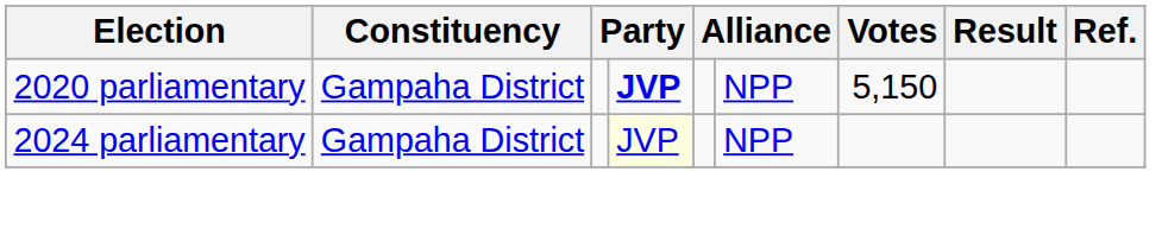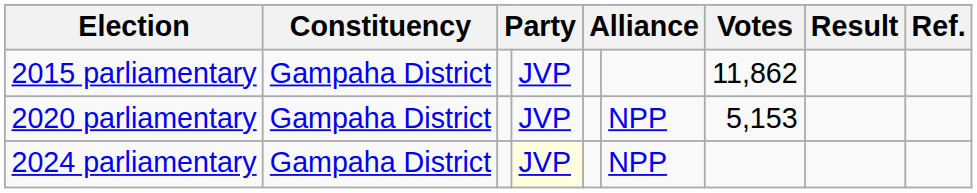 <table class="wikitable" style="text-align:left;">
 <tr>
 <th scope=col>Election</th>
 <th scope=col>Constituency</th>
 <th scope=col colspan="2">Party</th>
 <th scope=col colspan="2">Alliance</th>
 <th scope=col>Votes</th>
 <th scope=col>Result</th>
 <th scope=col>Ref.</th>
 </tr>
 <tr>
+<td><a href='#'>2015 parliamentary</a></td>
+<td><a href='#'>Gampaha District</a></td>
+<td style="background:"></td>
+<td><a href='#'>JVP</a></td>
+<td></td>
+<td></td>
+<td align=right>11,862</td>
+<td></td>
+<td></td>
+</tr>
+<tr>
 <td><a href='#'>2020 parliamentary</a></td>
 <td><a href='#'>Gampaha District</a></td>
 <td style="background:"></td>
-<td><strong><a href='#'>JVP</a></strong></td>
+<td><a href='#'>JVP</a></td>
 <td style="background:"></td>
 <td><a href='#'>NPP</a></td>
-<td align=right>5,150</td>
+<td align=right>5,153</td>
 <td></td>
 <td></td>
 </tr>
 <tr>
 <td><a href='#'>2024 parliamentary</a></td>
 <td><a href='#'>Gampaha District</a></td>
 <td style="background:"></td>
 <td style="background: lightyellow;"><a href='#'>JVP</a></td>
 <td style="background:"></td>
 <td><a href='#'>NPP</a></td>
 <td align=right></td>
 <td></td>
 <td></td>
 </tr>
 </table>
